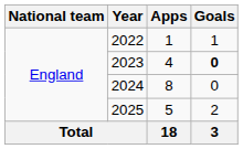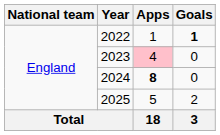 <table class="wikitable" style="text-align:center">
 <tr>
 <th>National team</th>
 <th>Year</th>
 <th>Apps</th>
 <th>Goals</th>
 </tr>
 <tr>
 <td rowspan="4"><a href='#'>England</a></td>
 <td>2022</td>
 <td>1</td>
-<td>1</td>
+<td><strong>1</strong></td>
 </tr>
 <tr>
 <td>2023</td>
-<td>4</td>
-<td><strong>0</strong></td>
+<td style="background: pink;">4</td>
+<td>0</td>
 </tr>
 <tr>
 <td>2024</td>
-<td>8</td>
+<td><strong>8</strong></td>
 <td>0</td>
 </tr>
 <tr>
 <td>2025</td>
 <td>5</td>
 <td>2</td>
 </tr>
 <tr>
 <th colspan="2">Total</th>
 <th>18</th>
 <th>3</th>
 </tr>
 </table>
